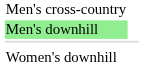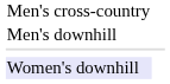 <table>
 <tr>
 <td>Men's cross-country</td>
 <td></td>
 <td></td>
 <td></td>
 </tr>
 <tr>
-<td style="background: lightgreen;">Men's downhill</td>
+<td>Men's downhill</td>
 <td></td>
 <td></td>
 <td></td>
 </tr>
 <tr bgcolor=#DDDDDD>
 <td colspan=7></td>
 </tr>
 <tr>
 <td></td>
 <td></td>
 <td></td>
 <td></td>
 </tr>
 <tr>
-<td>Women's downhill</td>
+<td style="background: lavender;">Women's downhill</td>
 <td></td>
 <td></td>
 <td></td>
 </tr>
 </table>
